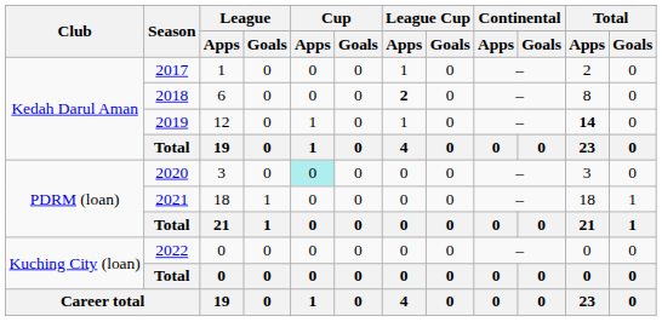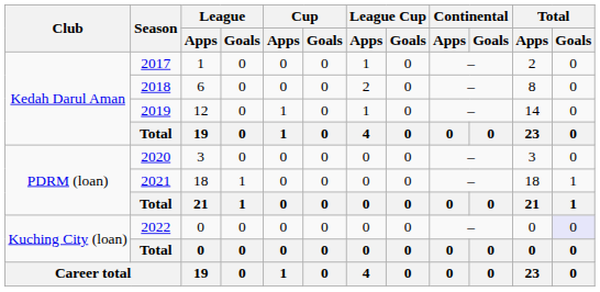 <table class="wikitable" style="text-align:center;">
 <tr>
 <th rowspan="2">Club</th>
 <th rowspan="2">Season</th>
 <th colspan="2">League</th>
 <th colspan="2">Cup</th>
 <th colspan="2">League Cup</th>
 <th colspan="2">Continental</th>
 <th colspan="2">Total</th>
 </tr>
 <tr>
 <th>Apps</th>
 <th>Goals</th>
 <th>Apps</th>
 <th>Goals</th>
 <th>Apps</th>
 <th>Goals</th>
 <th>Apps</th>
 <th>Goals</th>
 <th>Apps</th>
 <th>Goals</th>
 </tr>
 <tr>
 <td rowspan="4"><a href='#'>Kedah Darul Aman</a></td>
 <td><a href='#'>2017</a></td>
 <td>1</td>
 <td>0</td>
 <td>0</td>
 <td>0</td>
 <td>1</td>
 <td>0</td>
 <td colspan="2">–</td>
 <td>2</td>
 <td>0</td>
 </tr>
 <tr>
 <td><a href='#'>2018</a></td>
 <td>6</td>
 <td>0</td>
 <td>0</td>
 <td>0</td>
-<td><strong>2</strong></td>
+<td>2</td>
 <td>0</td>
 <td colspan="2">–</td>
 <td>8</td>
 <td>0</td>
 </tr>
 <tr>
 <td><a href='#'>2019</a></td>
 <td>12</td>
 <td>0</td>
 <td>1</td>
 <td>0</td>
 <td>1</td>
 <td>0</td>
 <td colspan="2">–</td>
-<td><strong>14</strong></td>
+<td>14</td>
 <td>0</td>
 </tr>
 <tr>
 <th colspan=1>Total</th>
 <th>19</th>
 <th>0</th>
 <th>1</th>
 <th>0</th>
 <th>4</th>
 <th>0</th>
 <th>0</th>
 <th>0</th>
 <th>23</th>
 <th>0</th>
 </tr>
 <tr>
 <td rowspan="3"><a href='#'>PDRM</a> (loan)</td>
 <td><a href='#'>2020</a></td>
 <td>3</td>
 <td>0</td>
-<td style="background: paleturquoise;">0</td>
+<td>0</td>
 <td>0</td>
 <td>0</td>
 <td>0</td>
 <td colspan="2">–</td>
 <td>3</td>
 <td>0</td>
 </tr>
 <tr>
 <td><a href='#'>2021</a></td>
 <td>18</td>
 <td>1</td>
 <td>0</td>
 <td>0</td>
 <td>0</td>
 <td>0</td>
 <td colspan="2">–</td>
 <td>18</td>
 <td>1</td>
 </tr>
 <tr>
 <th colspan=1>Total</th>
 <th>21</th>
 <th>1</th>
 <th>0</th>
 <th>0</th>
 <th>0</th>
 <th>0</th>
 <th>0</th>
 <th>0</th>
 <th>21</th>
 <th>1</th>
 </tr>
 <tr>
 <td rowspan="2"><a href='#'>Kuching City</a> (loan)</td>
 <td><a href='#'>2022</a></td>
 <td>0</td>
 <td>0</td>
 <td>0</td>
 <td>0</td>
 <td>0</td>
 <td>0</td>
 <td colspan="2">–</td>
 <td>0</td>
-<td>0</td>
+<td style="background: lavender;">0</td>
 </tr>
 <tr>
 <th colspan=1>Total</th>
 <th>0</th>
 <th>0</th>
 <th>0</th>
 <th>0</th>
 <th>0</th>
 <th>0</th>
 <th>0</th>
 <th>0</th>
 <th>0</th>
 <th>0</th>
 </tr>
 <tr>
 <th colspan=2>Career total</th>
 <th>19</th>
 <th>0</th>
 <th>1</th>
 <th>0</th>
 <th>4</th>
 <th>0</th>
 <th>0</th>
 <th>0</th>
 <th>23</th>
 <th>0</th>
 </tr>
 </table>
